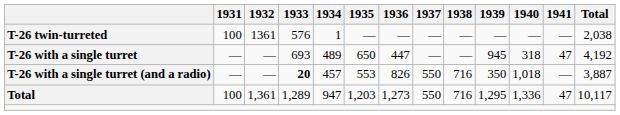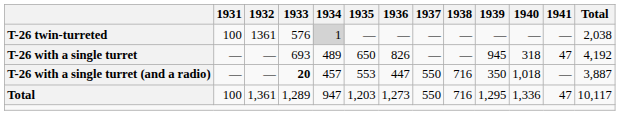 <table class="wikitable" style="text-align:right;">
 <tr>
 <th></th>
 <th>1931</th>
 <th>1932</th>
 <th>1933</th>
 <th>1934</th>
 <th>1935</th>
 <th>1936</th>
 <th>1937</th>
 <th>1938</th>
 <th>1939</th>
 <th>1940</th>
 <th>1941</th>
 <th>Total</th>
 </tr>
 <tr>
 <th style="text-align:left;">T-26 twin-turreted</th>
 <td>100</td>
 <td>1361</td>
 <td>576</td>
-<td>1</td>
+<td style="background: lightgrey;">1</td>
 <td>—</td>
 <td>—</td>
 <td>—</td>
 <td>—</td>
 <td>—</td>
 <td>—</td>
 <td>—</td>
 <td>2,038</td>
 </tr>
 <tr>
 <th style="text-align:left;">T-26 with a single turret</th>
 <td>—</td>
 <td>—</td>
 <td>693</td>
 <td>489</td>
 <td>650</td>
-<td>447</td>
+<td>826</td>
 <td>—</td>
 <td>—</td>
 <td>945</td>
 <td>318</td>
 <td>47</td>
 <td>4,192</td>
 </tr>
 <tr>
 <th style="text-align:left;">T-26 with a single turret (and a radio)</th>
 <td>—</td>
 <td>—</td>
 <td><strong>20</strong></td>
 <td>457</td>
 <td>553</td>
-<td>826</td>
+<td>447</td>
 <td>550</td>
 <td>716</td>
 <td>350</td>
 <td>1,018</td>
 <td>—</td>
 <td>3,887</td>
 </tr>
 <tr>
 <th style="text-align:left;">Total</th>
 <td>100</td>
 <td>1,361</td>
 <td>1,289</td>
 <td>947</td>
 <td>1,203</td>
 <td>1,273</td>
 <td>550</td>
 <td>716</td>
 <td>1,295</td>
 <td>1,336</td>
 <td>47</td>
 <td>10,117</td>
 </tr>
 <tr>
 <td colspan=13></td>
 </tr>
 </table>
